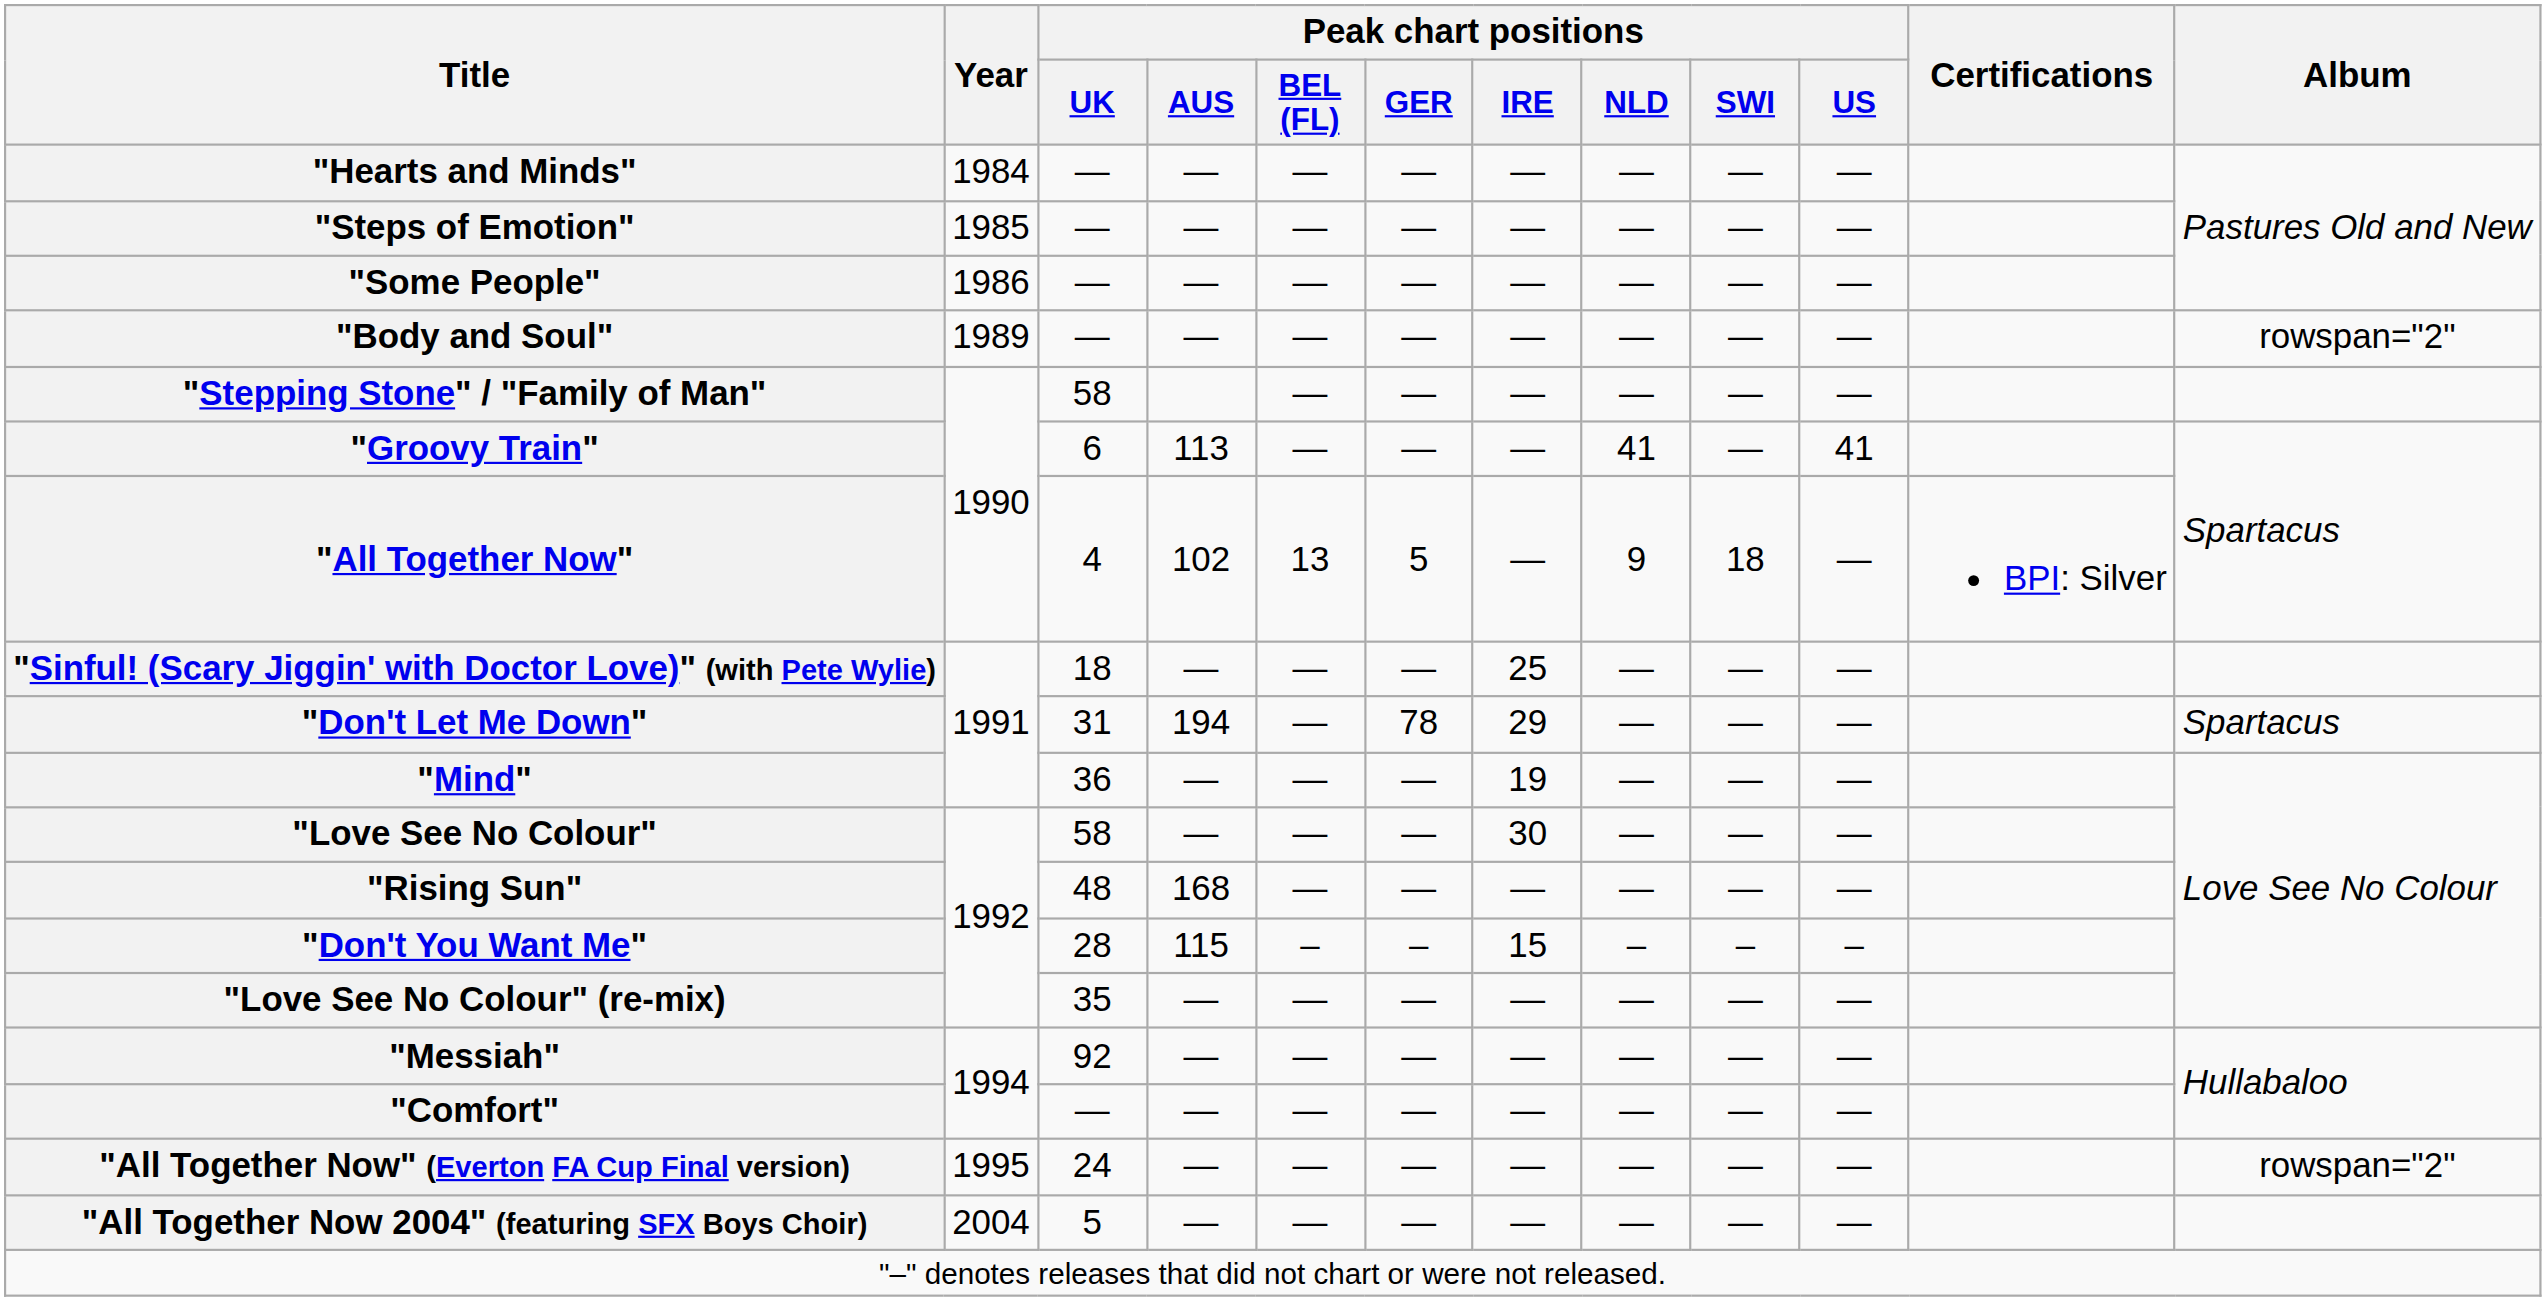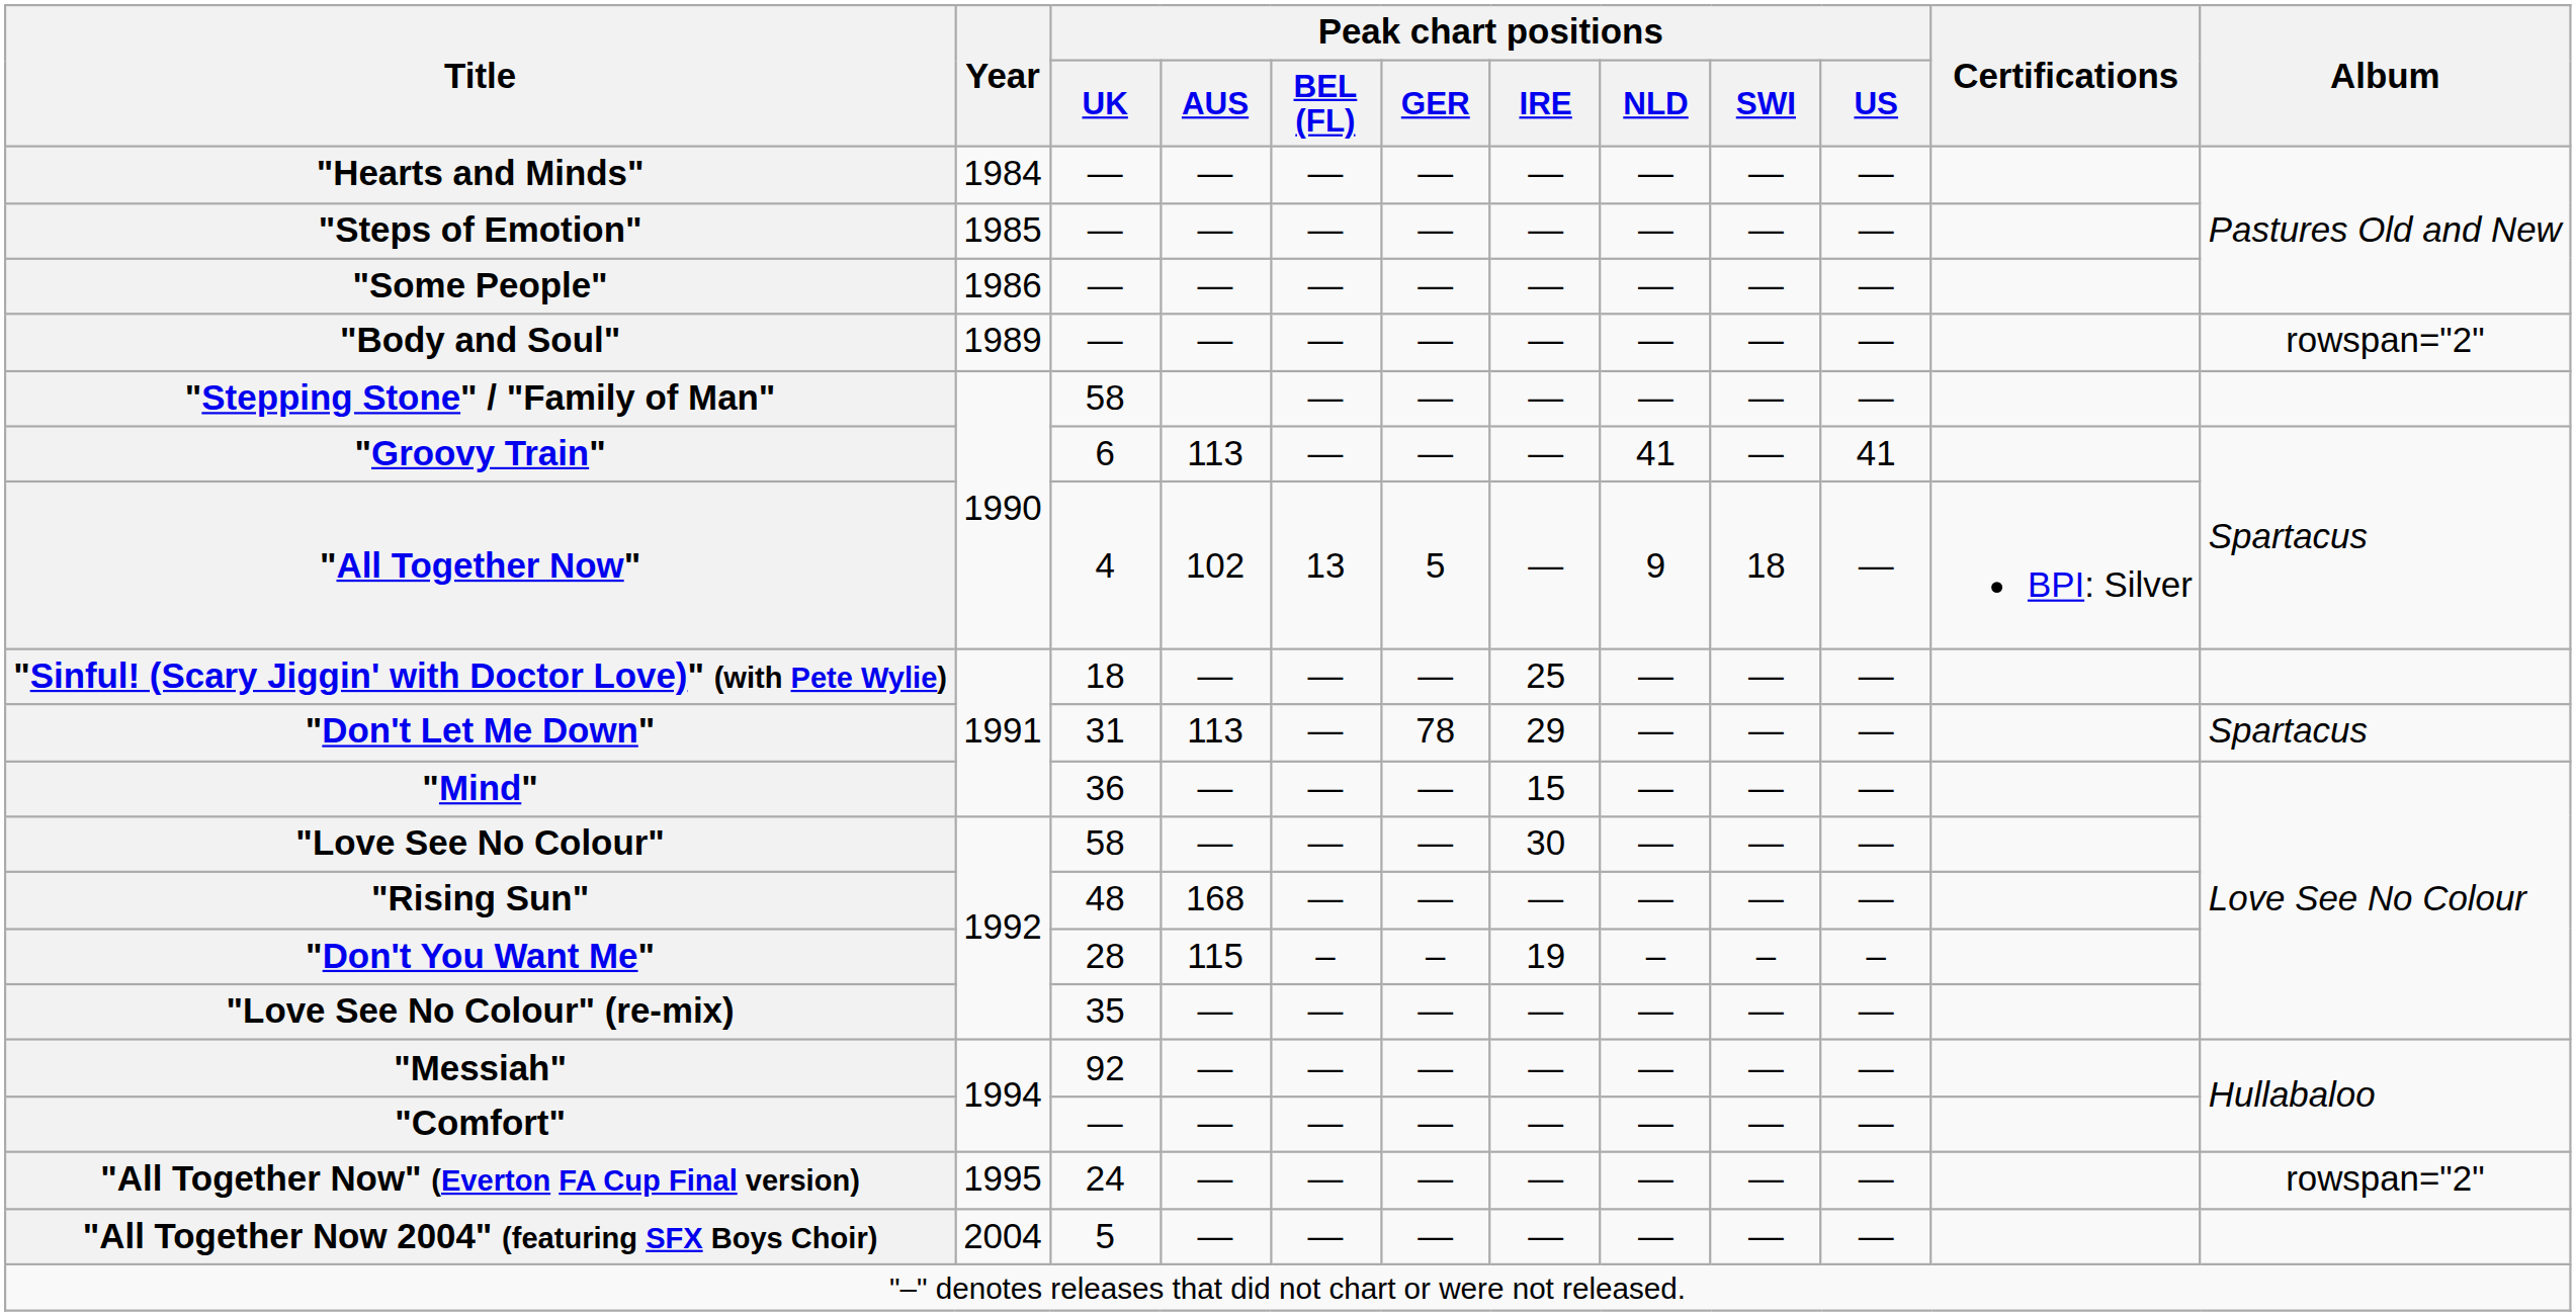 <table class="wikitable plainrowheaders" style="text-align:center;">
 <tr>
 <th scope="col" rowspan="2">Title</th>
 <th scope="col" rowspan="2">Year</th>
 <th scope="col" colspan="8">Peak chart positions</th>
 <th scope="col" rowspan="2">Certifications</th>
 <th scope="col" rowspan="2">Album</th>
 </tr>
 <tr>
 <th scope="col" style="width:3em;font-size:90%"><a href='#'>UK</a><br></th>
 <th scope="col" style="width:3em;font-size:90%"><a href='#'>AUS</a><br></th>
 <th scope="col" style="width:3em;font-size:90%"><a href='#'>BEL<br>(FL)</a><br></th>
 <th scope="col" style="width:3em;font-size:90%"><a href='#'>GER</a><br></th>
 <th scope="col" style="width:3em;font-size:90%"><a href='#'>IRE</a><br></th>
 <th scope="col" style="width:3em;font-size:90%"><a href='#'>NLD</a><br></th>
 <th scope="col" style="width:3em;font-size:90%"><a href='#'>SWI</a><br></th>
 <th scope="col" style="width:3em;font-size:90%"><a href='#'>US</a><br></th>
 </tr>
 <tr>
 <th scope="row">"Hearts and Minds"</th>
 <td>1984</td>
 <td>—</td>
 <td>—</td>
 <td>—</td>
 <td>—</td>
 <td>—</td>
 <td>—</td>
 <td>—</td>
 <td>—</td>
 <td></td>
 <td rowspan="3" style="text-align:left;"><em>Pastures Old and New</em></td>
 </tr>
 <tr>
 <th scope="row">"Steps of Emotion"</th>
 <td>1985</td>
 <td>—</td>
 <td>—</td>
 <td>—</td>
 <td>—</td>
 <td>—</td>
 <td>—</td>
 <td>—</td>
 <td>—</td>
 <td></td>
 </tr>
 <tr>
 <th scope="row">"Some People"</th>
 <td>1986</td>
 <td>—</td>
 <td>—</td>
 <td>—</td>
 <td>—</td>
 <td>—</td>
 <td>—</td>
 <td>—</td>
 <td>—</td>
 <td></td>
 </tr>
 <tr>
 <th scope="row">"Body and Soul"</th>
 <td>1989</td>
 <td>—</td>
 <td>—</td>
 <td>—</td>
 <td>—</td>
 <td>—</td>
 <td>—</td>
 <td>—</td>
 <td>—</td>
 <td></td>
 <td>rowspan="2" </td>
 </tr>
 <tr>
 <th scope="row">"<a href='#'>Stepping Stone</a>" / "Family of Man"</th>
 <td rowspan="3">1990</td>
 <td>58</td>
 <td></td>
 <td>—</td>
 <td>—</td>
 <td>—</td>
 <td>—</td>
 <td>—</td>
 <td>—</td>
 <td></td>
 </tr>
 <tr>
 <th scope="row">"<a href='#'>Groovy Train</a>"</th>
 <td>6</td>
 <td>113</td>
 <td>—</td>
 <td>—</td>
 <td>—</td>
 <td>41</td>
 <td>—</td>
 <td>41</td>
 <td></td>
 <td rowspan="2" style="text-align:left;"><em>Spartacus</em></td>
 </tr>
 <tr>
 <th scope="row">"<a href='#'>All Together Now</a>"</th>
 <td>4</td>
 <td>102</td>
 <td>13</td>
 <td>5</td>
 <td>—</td>
 <td>9</td>
 <td>18</td>
 <td>—</td>
 <td><br><ul><li><a href='#'>BPI</a>: Silver</li></ul></td>
 </tr>
 <tr>
 <th scope="row">"<a href='#'>Sinful! (Scary Jiggin' with Doctor Love)</a>" <small>(with <a href='#'>Pete Wylie</a>)</small></th>
 <td rowspan="3">1991</td>
 <td>18</td>
 <td>—</td>
 <td>—</td>
 <td>—</td>
 <td>25</td>
 <td>—</td>
 <td>—</td>
 <td>—</td>
 <td></td>
 <td></td>
 </tr>
 <tr>
 <th scope="row">"<a href='#'>Don't Let Me Down</a>"</th>
 <td>31</td>
-<td>194</td>
+<td>113</td>
 <td>—</td>
 <td>78</td>
 <td>29</td>
 <td>—</td>
 <td>—</td>
 <td>—</td>
 <td></td>
 <td style="text-align:left;"><em>Spartacus</em></td>
 </tr>
 <tr>
 <th scope="row">"<a href='#'>Mind</a>"</th>
 <td>36</td>
 <td>—</td>
 <td>—</td>
 <td>—</td>
-<td>19</td>
+<td>15</td>
 <td>—</td>
 <td>—</td>
 <td>—</td>
 <td></td>
 <td rowspan="5" style="text-align:left;"><em>Love See No Colour</em></td>
 </tr>
 <tr>
 <th scope="row">"Love See No Colour"</th>
 <td rowspan="4">1992</td>
 <td>58</td>
 <td>—</td>
 <td>—</td>
 <td>—</td>
 <td>30</td>
 <td>—</td>
 <td>—</td>
 <td>—</td>
 <td></td>
 </tr>
 <tr>
 <th scope="row">"Rising Sun"</th>
 <td>48</td>
 <td>168</td>
 <td>—</td>
 <td>—</td>
 <td>—</td>
 <td>—</td>
 <td>—</td>
 <td>—</td>
 <td></td>
 </tr>
 <tr>
 <th scope="row">"<a href='#'>Don't You Want Me</a>"</th>
 <td>28</td>
 <td>115</td>
 <td>–</td>
 <td>–</td>
-<td>15</td>
+<td>19</td>
 <td>–</td>
 <td>–</td>
 <td>–</td>
 <td></td>
 </tr>
 <tr>
 <th scope="row">"Love See No Colour" (re-mix)</th>
 <td>35</td>
 <td>—</td>
 <td>—</td>
 <td>—</td>
 <td>—</td>
 <td>—</td>
 <td>—</td>
 <td>—</td>
 <td></td>
 </tr>
 <tr>
 <th scope="row">"Messiah"</th>
 <td rowspan="2">1994</td>
 <td>92</td>
 <td>—</td>
 <td>—</td>
 <td>—</td>
 <td>—</td>
 <td>—</td>
 <td>—</td>
 <td>—</td>
 <td></td>
 <td rowspan="2" style="text-align:left;"><em>Hullabaloo</em></td>
 </tr>
 <tr>
 <th scope="row">"Comfort"</th>
 <td>—</td>
 <td>—</td>
 <td>—</td>
 <td>—</td>
 <td>—</td>
 <td>—</td>
 <td>—</td>
 <td>—</td>
 <td></td>
 </tr>
 <tr>
 <th scope="row">"All Together Now" <small>(<a href='#'>Everton</a> <a href='#'>FA Cup Final</a> version)</small></th>
 <td>1995</td>
 <td>24</td>
 <td>—</td>
 <td>—</td>
 <td>—</td>
 <td>—</td>
 <td>—</td>
 <td>—</td>
 <td>—</td>
 <td></td>
 <td>rowspan="2" </td>
 </tr>
 <tr>
 <th scope="row">"All Together Now 2004" <small>(featuring <a href='#'>SFX</a> Boys Choir)</small></th>
 <td>2004</td>
 <td>5</td>
 <td>—</td>
 <td>—</td>
 <td>—</td>
 <td>—</td>
 <td>—</td>
 <td>—</td>
 <td>—</td>
 <td></td>
 </tr>
 <tr>
 <td colspan="15" style="font-size:85%">"–" denotes releases that did not chart or were not released.</td>
 </tr>
 </table>
